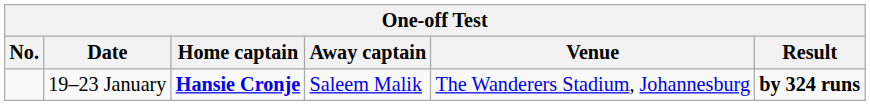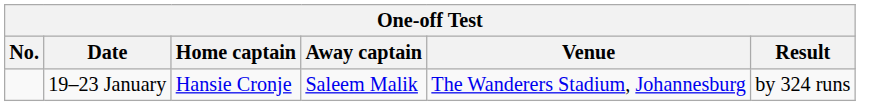 <table class="wikitable">
 <tr>
 <th colspan="9">One-off Test</th>
 </tr>
 <tr>
 <th>No.</th>
 <th>Date</th>
 <th>Home captain</th>
 <th>Away captain</th>
 <th>Venue</th>
 <th>Result</th>
 </tr>
 <tr>
 <td></td>
 <td>19–23 January</td>
-<td><strong><a href='#'>Hansie Cronje</a></strong></td>
+<td><a href='#'>Hansie Cronje</a></td>
 <td><a href='#'>Saleem Malik</a></td>
 <td><a href='#'>The Wanderers Stadium</a>, <a href='#'>Johannesburg</a></td>
-<td><strong> by 324 runs</strong></td>
+<td> by 324 runs</td>
 </tr>
 </table>
